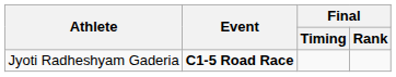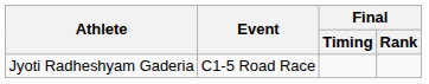 <table class="wikitable" style="text-align:center; font-size:90%">
 <tr>
 <th rowspan="2">Athlete</th>
 <th rowspan="2">Event</th>
 <th colspan="2">Final</th>
 </tr>
 <tr>
 <th>Timing</th>
 <th>Rank</th>
 </tr>
 <tr>
 <td>Jyoti Radheshyam Gaderia</td>
-<td><strong>C1-5 Road Race</strong></td>
+<td>C1-5 Road Race</td>
 <td></td>
 <td></td>
 </tr>
 </table>
